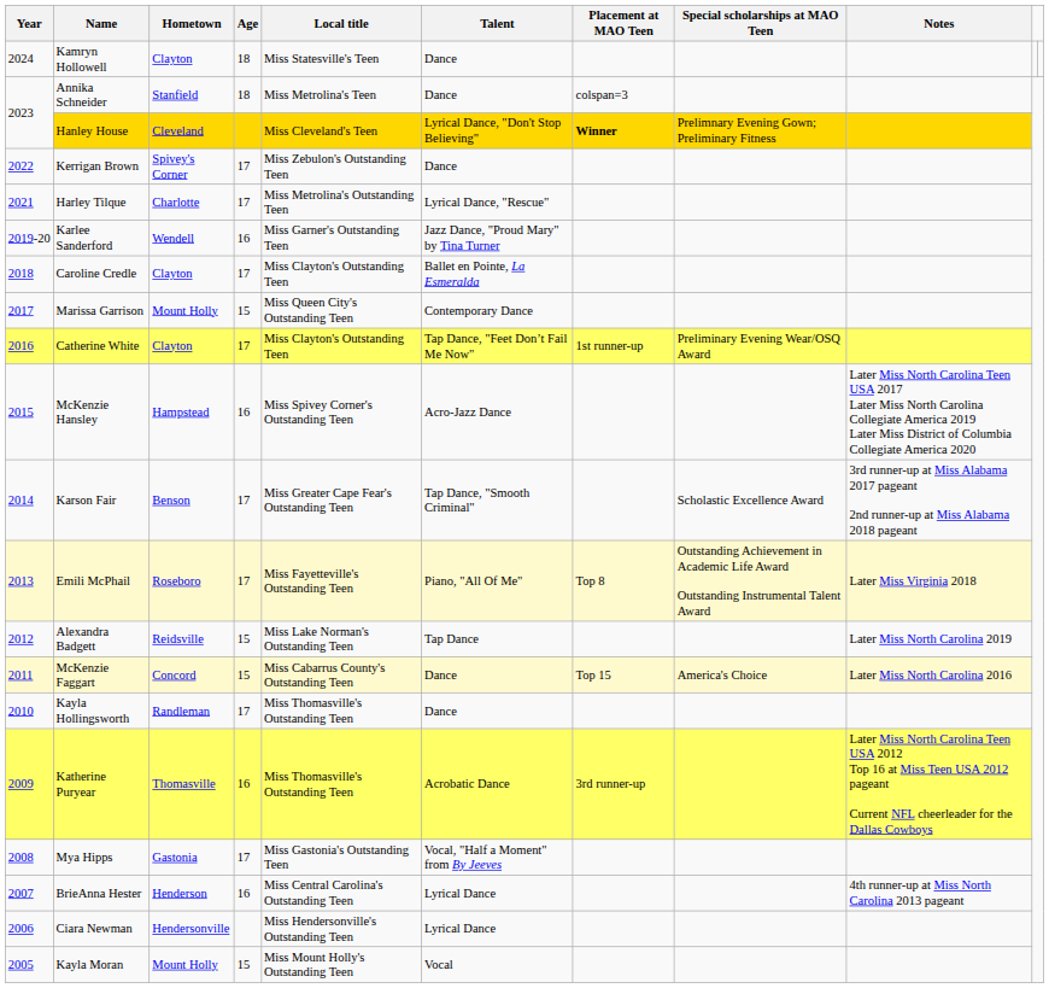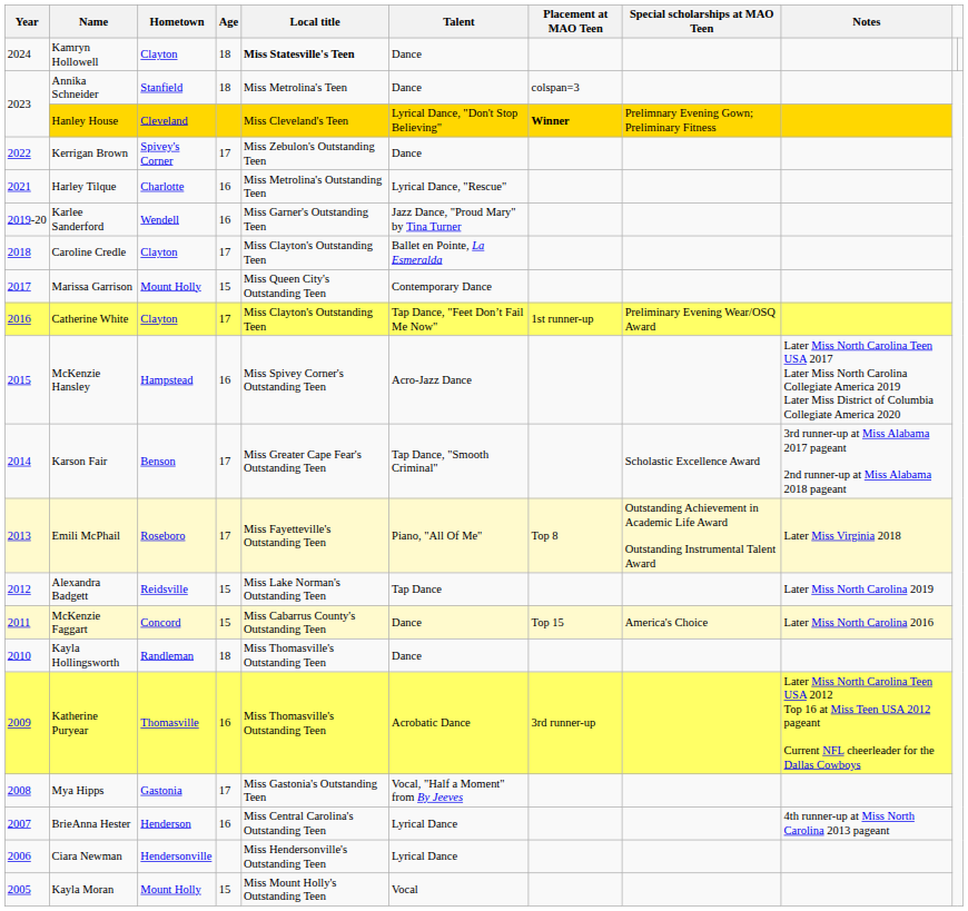 <table class="wikitable sortable"style="font-size:95%;">
 <tr bgcolor="#efefef">
 <th>Year</th>
 <th>Name</th>
 <th>Hometown</th>
 <th>Age</th>
 <th>Local title</th>
 <th>Talent</th>
 <th>Placement at MAO Teen</th>
 <th>Special scholarships at MAO Teen</th>
 <th>Notes</th>
 </tr>
 <tr>
 <td>2024</td>
 <td>Kamryn Hollowell</td>
 <td><a href='#'>Clayton</a></td>
 <td>18</td>
-<td>Miss Statesville's Teen</td>
+<td><strong>Miss Statesville's Teen</strong></td>
 <td>Dance</td>
 <td></td>
 <td></td>
 <td></td>
 <td></td>
 <td></td>
 </tr>
 <tr>
 <td rowspan="2">2023</td>
 <td>Annika Schneider</td>
 <td><a href='#'>Stanfield</a></td>
 <td>18</td>
 <td>Miss Metrolina's Teen</td>
 <td>Dance</td>
 <td>colspan=3 </td>
 <td></td>
 <td></td>
 </tr>
 <tr style="background-color:gold;">
 <td>Hanley House</td>
 <td><a href='#'>Cleveland</a></td>
 <td></td>
 <td>Miss Cleveland's Teen</td>
 <td>Lyrical Dance, "Don't Stop Believing"</td>
 <td><strong>Winner</strong></td>
 <td>Prelimnary Evening Gown; Preliminary Fitness</td>
 <td></td>
 </tr>
 <tr>
 <td><a href='#'>2022</a></td>
 <td>Kerrigan Brown</td>
 <td><a href='#'>Spivey's Corner</a></td>
 <td>17</td>
 <td>Miss Zebulon's Outstanding Teen</td>
 <td>Dance</td>
 <td></td>
 <td></td>
 <td></td>
 </tr>
 <tr>
 <td><a href='#'>2021</a></td>
 <td>Harley Tilque</td>
 <td><a href='#'>Charlotte</a></td>
-<td>17</td>
+<td>16</td>
 <td>Miss Metrolina's Outstanding Teen</td>
 <td>Lyrical Dance, "Rescue"</td>
 <td></td>
 <td></td>
 <td></td>
 </tr>
 <tr>
 <td><a href='#'>2019</a>-20</td>
 <td>Karlee Sanderford</td>
 <td><a href='#'>Wendell</a></td>
 <td>16</td>
 <td>Miss Garner's Outstanding Teen</td>
 <td>Jazz Dance, "Proud Mary" by <a href='#'>Tina Turner</a></td>
 <td></td>
 <td></td>
 <td></td>
 </tr>
 <tr>
 <td><a href='#'>2018</a></td>
 <td>Caroline Credle</td>
 <td><a href='#'>Clayton</a></td>
 <td>17</td>
 <td>Miss Clayton's Outstanding Teen</td>
 <td>Ballet en Pointe, <em><a href='#'>La Esmeralda</a></em></td>
 <td></td>
 <td></td>
 <td></td>
 </tr>
 <tr>
 <td><a href='#'>2017</a></td>
 <td>Marissa Garrison</td>
 <td><a href='#'>Mount Holly</a></td>
 <td>15</td>
 <td>Miss Queen City's Outstanding Teen</td>
 <td>Contemporary Dance</td>
 <td></td>
 <td></td>
 <td></td>
 </tr>
 <tr style="background-color:#FFFF66;">
 <td><a href='#'>2016</a></td>
 <td>Catherine White</td>
 <td><a href='#'>Clayton</a></td>
 <td>17</td>
 <td>Miss Clayton's Outstanding Teen</td>
 <td>Tap Dance, "Feet Don’t Fail Me Now"</td>
 <td>1st runner-up</td>
 <td>Preliminary Evening Wear/OSQ Award</td>
 <td></td>
 </tr>
 <tr>
 <td><a href='#'>2015</a></td>
 <td>McKenzie Hansley</td>
 <td><a href='#'>Hampstead</a></td>
 <td>16</td>
 <td>Miss Spivey Corner's Outstanding Teen</td>
 <td>Acro-Jazz Dance</td>
 <td></td>
 <td></td>
 <td>Later <a href='#'>Miss North Carolina Teen USA</a> 2017<br>Later Miss North Carolina Collegiate America 2019<br>Later Miss District of Columbia Collegiate America 2020</td>
 </tr>
 <tr>
 <td><a href='#'>2014</a></td>
 <td>Karson Fair</td>
 <td><a href='#'>Benson</a></td>
 <td>17</td>
 <td>Miss Greater Cape Fear's Outstanding Teen</td>
 <td>Tap Dance, "Smooth Criminal"</td>
 <td></td>
 <td>Scholastic Excellence Award</td>
 <td>3rd runner-up at <a href='#'>Miss Alabama</a> 2017 pageant<br><br>2nd runner-up at <a href='#'>Miss Alabama</a> 2018 pageant</td>
 </tr>
 <tr style="background-color:#FFFACD;">
 <td><a href='#'>2013</a></td>
 <td>Emili McPhail</td>
 <td><a href='#'>Roseboro</a></td>
 <td>17</td>
 <td>Miss Fayetteville's Outstanding Teen</td>
 <td>Piano, "All Of Me"</td>
 <td>Top 8</td>
 <td>Outstanding Achievement in Academic Life Award<br><br>Outstanding Instrumental Talent Award</td>
 <td>Later <a href='#'>Miss Virginia</a> 2018</td>
 </tr>
 <tr>
 <td><a href='#'>2012</a></td>
 <td>Alexandra Badgett</td>
 <td><a href='#'>Reidsville</a></td>
 <td>15</td>
 <td>Miss Lake Norman's Outstanding Teen</td>
 <td>Tap Dance</td>
 <td></td>
 <td></td>
 <td>Later <a href='#'>Miss North Carolina</a> 2019</td>
 </tr>
 <tr style="background-color:#FFFACD;">
 <td><a href='#'>2011</a></td>
 <td>McKenzie Faggart</td>
 <td><a href='#'>Concord</a></td>
 <td>15</td>
 <td>Miss Cabarrus County's Outstanding Teen</td>
 <td>Dance</td>
 <td>Top 15</td>
 <td>America's Choice</td>
 <td>Later <a href='#'>Miss North Carolina</a> 2016</td>
 </tr>
 <tr>
 <td><a href='#'>2010</a></td>
 <td>Kayla Hollingsworth</td>
 <td><a href='#'>Randleman</a></td>
-<td>17</td>
+<td>18</td>
 <td>Miss Thomasville's Outstanding Teen</td>
 <td>Dance</td>
 <td></td>
 <td></td>
 <td></td>
 </tr>
 <tr style="background-color:#FFFF66;">
 <td><a href='#'>2009</a></td>
 <td>Katherine Puryear</td>
 <td><a href='#'>Thomasville</a></td>
 <td>16</td>
 <td>Miss Thomasville's Outstanding Teen</td>
 <td>Acrobatic Dance</td>
 <td>3rd runner-up</td>
 <td></td>
 <td>Later <a href='#'>Miss North Carolina Teen USA</a> 2012<br>Top 16 at <a href='#'>Miss Teen USA 2012</a> pageant<br><br>Current <a href='#'>NFL</a> cheerleader for the <a href='#'>Dallas Cowboys</a></td>
 </tr>
 <tr>
 <td><a href='#'>2008</a></td>
 <td>Mya Hipps</td>
 <td><a href='#'>Gastonia</a></td>
 <td>17</td>
 <td>Miss Gastonia's Outstanding Teen</td>
 <td>Vocal, "Half a Moment" from <em><a href='#'>By Jeeves</a></em></td>
 <td></td>
 <td></td>
 <td></td>
 </tr>
 <tr>
 <td><a href='#'>2007</a></td>
 <td>BrieAnna Hester</td>
 <td><a href='#'>Henderson</a></td>
 <td>16</td>
 <td>Miss Central Carolina's Outstanding Teen</td>
 <td>Lyrical Dance</td>
 <td></td>
 <td></td>
 <td>4th runner-up at <a href='#'>Miss North Carolina</a> 2013 pageant</td>
 </tr>
 <tr>
 <td><a href='#'>2006</a></td>
 <td>Ciara Newman</td>
 <td><a href='#'>Hendersonville</a></td>
 <td></td>
 <td>Miss Hendersonville's Outstanding Teen</td>
 <td>Lyrical Dance</td>
 <td></td>
 <td></td>
 <td></td>
 </tr>
 <tr>
 <td><a href='#'>2005</a></td>
 <td>Kayla Moran</td>
 <td><a href='#'>Mount Holly</a></td>
 <td>15</td>
 <td>Miss Mount Holly's Outstanding Teen</td>
 <td>Vocal</td>
 <td></td>
 <td></td>
 <td></td>
 </tr>
 </table>
